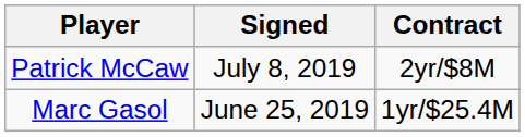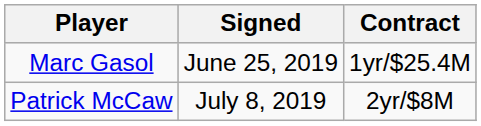 <table class="wikitable sortable sortable" style="text-align: center;">
 <tr>
 <th>Player</th>
 <th>Signed</th>
 <th>Contract</th>
 </tr>
+<tr style="text-align: center">
+<td><a href='#'>Marc Gasol</a></td>
+<td>June 25, 2019</td>
+<td>1yr/$25.4M</td>
+</tr>
 <tr>
 <td><a href='#'>Patrick McCaw</a></td>
 <td>July 8, 2019</td>
 <td>2yr/$8M</td>
 </tr>
-<tr style="text-align: center">
-<td><a href='#'>Marc Gasol</a></td>
-<td>June 25, 2019</td>
-<td>1yr/$25.4M</td>
-</tr>
 </table>
